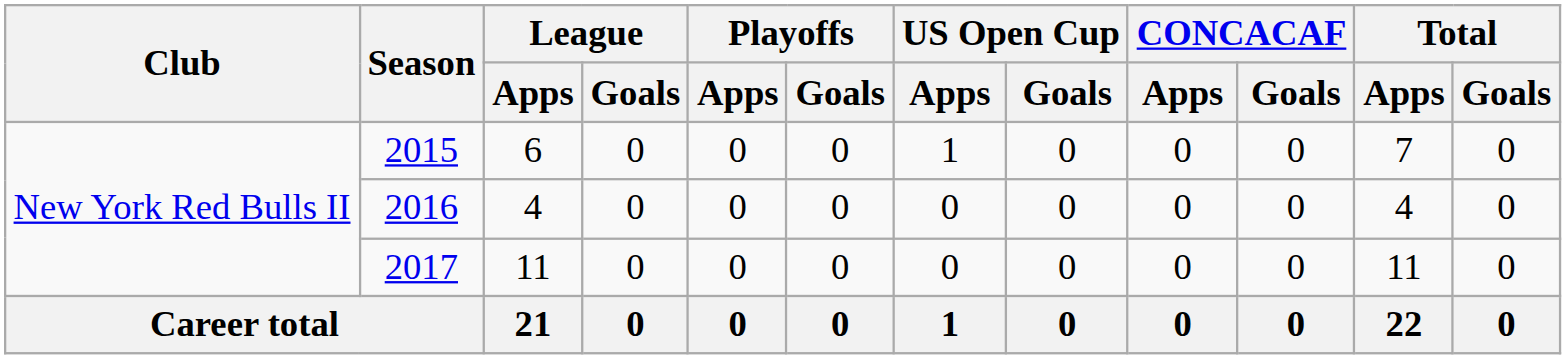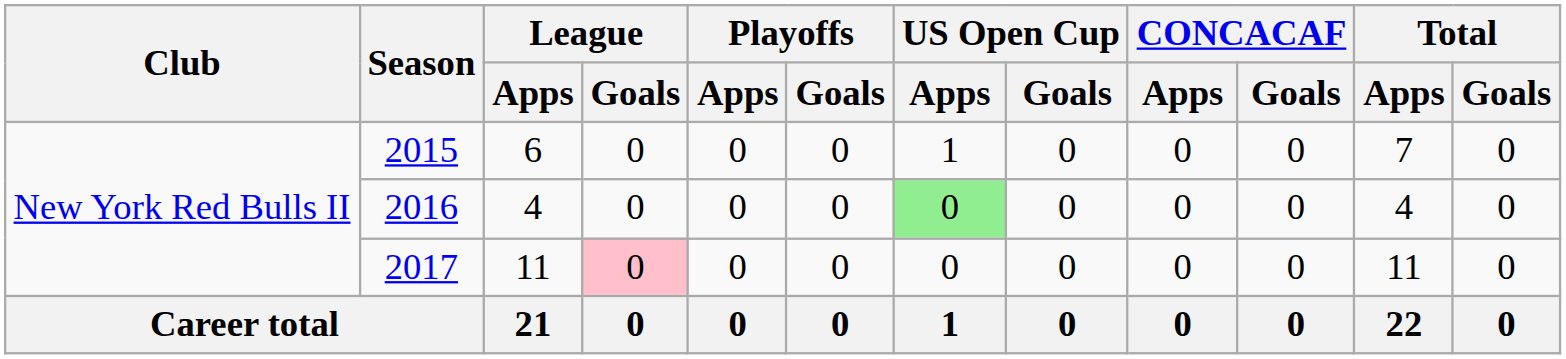 <table class="wikitable" style="text-align: center;">
 <tr>
 <th rowspan="2">Club</th>
 <th rowspan="2">Season</th>
 <th colspan="2">League</th>
 <th colspan="2">Playoffs</th>
 <th colspan="2">US Open Cup</th>
 <th colspan="2"><a href='#'>CONCACAF</a></th>
 <th colspan="2">Total</th>
 </tr>
 <tr>
 <th>Apps</th>
 <th>Goals</th>
 <th>Apps</th>
 <th>Goals</th>
 <th>Apps</th>
 <th>Goals</th>
 <th>Apps</th>
 <th>Goals</th>
 <th>Apps</th>
 <th>Goals</th>
 </tr>
 <tr>
 <td rowspan="3"><a href='#'>New York Red Bulls II</a></td>
 <td><a href='#'>2015</a></td>
 <td>6</td>
 <td>0</td>
 <td>0</td>
 <td>0</td>
 <td>1</td>
 <td>0</td>
 <td>0</td>
 <td>0</td>
 <td>7</td>
 <td>0</td>
 </tr>
 <tr>
 <td><a href='#'>2016</a></td>
 <td>4</td>
 <td>0</td>
 <td>0</td>
 <td>0</td>
-<td>0</td>
+<td style="background: lightgreen;">0</td>
 <td>0</td>
 <td>0</td>
 <td>0</td>
 <td>4</td>
 <td>0</td>
 </tr>
 <tr>
 <td><a href='#'>2017</a></td>
 <td>11</td>
-<td>0</td>
+<td style="background: pink;">0</td>
 <td>0</td>
 <td>0</td>
 <td>0</td>
 <td>0</td>
 <td>0</td>
 <td>0</td>
 <td>11</td>
 <td>0</td>
 </tr>
 <tr>
 <th colspan="2">Career total</th>
 <th>21</th>
 <th>0</th>
 <th>0</th>
 <th>0</th>
 <th>1</th>
 <th>0</th>
 <th>0</th>
 <th>0</th>
 <th>22</th>
 <th>0</th>
 </tr>
 </table>
